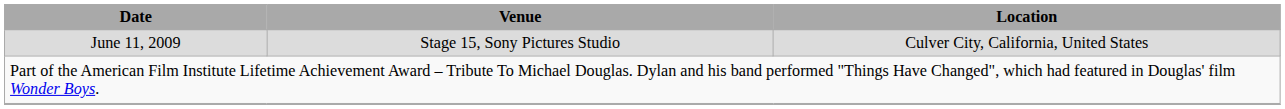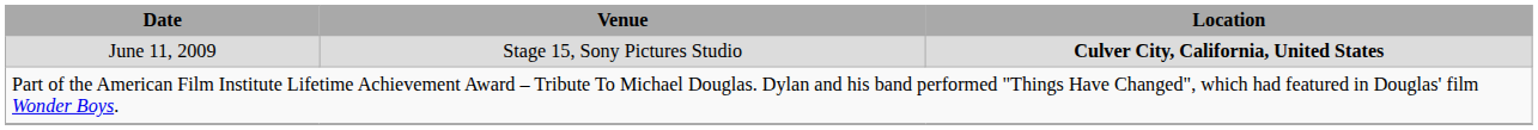 <table class="wikitable" style="width:100%; text-align:center;">
 <tr>
 <th style="width:100px; background:darkGrey;">Date</th>
 <th style="width:200px; background:darkGrey;">Venue</th>
 <th style="width:200px; background:darkGrey;">Location</th>
 </tr>
 <tr style="background:#DCDCDC;">
 <td>June 11, 2009</td>
 <td>Stage 15, Sony Pictures Studio</td>
-<td>Culver City, California, United States</td>
+<td><strong>Culver City, California, United States</strong></td>
 </tr>
 <tr>
 <td colspan="5" style="border-bottom-width:3px; padding:5px; text-align:left;">Part of the American Film Institute Lifetime Achievement Award – Tribute To Michael Douglas. Dylan and his band performed "Things Have Changed", which had featured in Douglas' film <em><a href='#'>Wonder Boys</a></em>.</td>
 </tr>
 <tr>
 </tr>
 </table>
